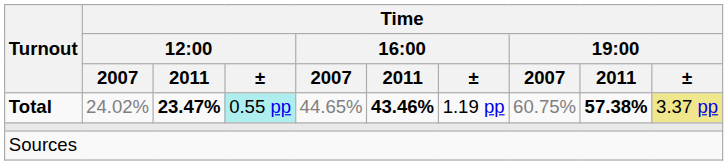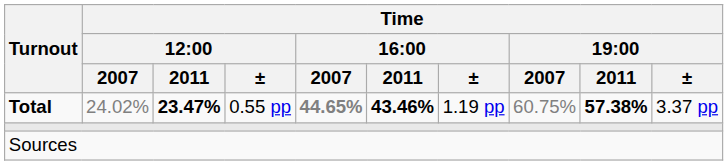 <table class="wikitable sortable" style="text-align:right;">
 <tr>
 <th rowspan="3">Turnout</th>
 <th colspan="9">Time</th>
 </tr>
 <tr>
 <th colspan="3">12:00</th>
 <th colspan="3">16:00</th>
 <th colspan="3">19:00</th>
 </tr>
 <tr>
 <th>2007</th>
 <th>2011</th>
 <th>±</th>
 <th>2007</th>
 <th>2011</th>
 <th>±</th>
 <th>2007</th>
 <th>2011</th>
 <th>±</th>
 </tr>
 <tr>
 <td align="left"><strong>Total</strong></td>
 <td style="color:gray;">24.02%</td>
 <td><strong>23.47%</strong></td>
-<td style="background: paleturquoise;"> 0.55 <a href='#'>pp</a></td>
-<td style="color:gray;">44.65%</td>
+<td> 0.55 <a href='#'>pp</a></td>
+<td style="color:gray;"><strong>44.65%</strong></td>
 <td><strong>43.46%</strong></td>
 <td> 1.19 <a href='#'>pp</a></td>
 <td style="color:gray;">60.75%</td>
 <td><strong>57.38%</strong></td>
-<td style="background: khaki;"> 3.37 <a href='#'>pp</a></td>
+<td> 3.37 <a href='#'>pp</a></td>
 </tr>
 <tr>
 <td colspan="10" bgcolor="#E9E9E9"></td>
 </tr>
 <tr>
 <td align="left" colspan="10">Sources</td>
 </tr>
 </table>
